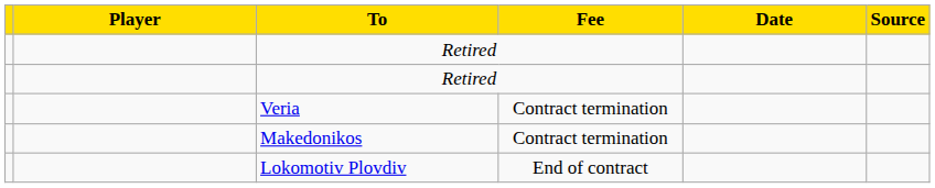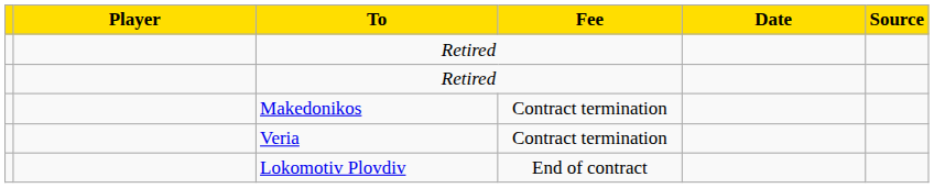 <table class="wikitable sortable">
 <tr>
 <th style="background:#FFDE00"></th>
 <th width=200 style="background:#FFDE00">Player</th>
 <th width=200 style="background:#FFDE00">To</th>
 <th width=150 style="background:#FFDE00">Fee</th>
 <th width=150 style="background:#FFDE00">Date</th>
 <th style="background:#FFDE00">Source</th>
 </tr>
 <tr>
 <td align=center></td>
 <td></td>
 <td align=center colspan=2><em>Retired</em></td>
 <td align=center></td>
 <td align=center></td>
 </tr>
 <tr>
 <td align=center></td>
 <td></td>
 <td align=center colspan=2><em>Retired</em></td>
 <td align=center></td>
 <td align=center></td>
 </tr>
 <tr>
 <td align=center></td>
 <td></td>
-<td> <a href='#'>Veria</a></td>
+<td> <a href='#'>Makedonikos</a></td>
 <td align=center>Contract termination</td>
 <td align=center></td>
 <td align=center></td>
 </tr>
 <tr>
 <td align=center></td>
 <td></td>
-<td> <a href='#'>Makedonikos</a></td>
+<td> <a href='#'>Veria</a></td>
 <td align=center>Contract termination</td>
 <td align=center></td>
 <td align=center></td>
 </tr>
 <tr>
 <td align=center></td>
 <td></td>
 <td> <a href='#'>Lokomotiv Plovdiv</a></td>
 <td align=center>End of contract</td>
 <td align=center></td>
 <td align=center></td>
 </tr>
 </table>
